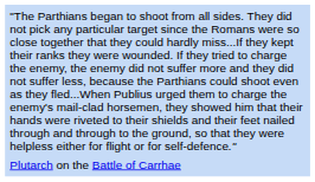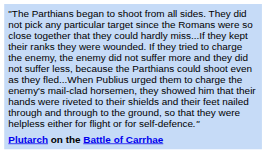 <table class="toccolours" style="float: left; margin-left: 1em; margin-right: 2em; font-size: 85%; background:#c6dbf7; color:black; width:30em; max-width: 40%;" cellspacing="5">
 <tr>
 <td style="text-align: left;">"The Parthians began to shoot from all sides. They did not pick any particular target since the Romans were so close together that they could hardly miss...If they kept their ranks they were wounded. If they tried to charge the enemy, the enemy did not suffer more and they did not suffer less, because the Parthians could shoot even as they fled...When Publius urged them to charge the enemy's mail-clad horsemen, they showed him that their hands were riveted to their shields and their feet nailed through and through to the ground, so that they were helpless either for flight or for self-defence<em>."</td>
 </tr>
 <tr>
-<td style="text-align: left;"></em><a href='#'>Plutarch</a> on the <a href='#'>Battle of Carrhae</a><em></td>
+<td style="text-align: left;"><strong></em><a href='#'>Plutarch</a> on the <a href='#'>Battle of Carrhae</a><em></strong></td>
 </tr>
 </table>
